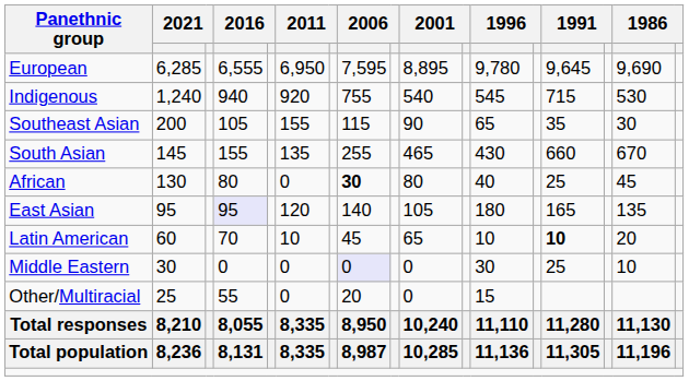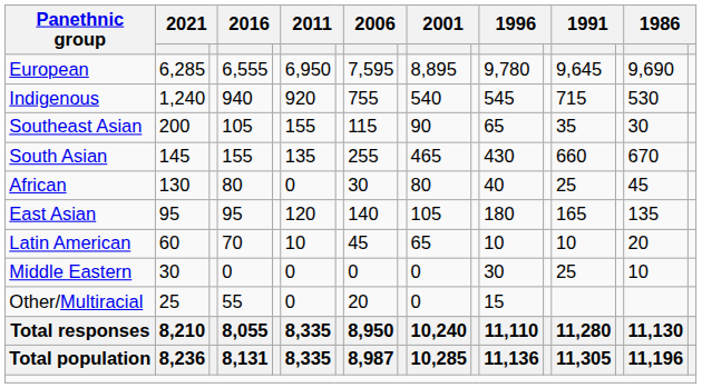 <table class="wikitable collapsible sortable">
 <tr>
 <th rowspan="2"><a href='#'>Panethnic</a><br>group</th>
 <th colspan="2">2021</th>
 <th colspan="2">2016</th>
 <th colspan="2">2011</th>
 <th colspan="2">2006</th>
 <th colspan="2">2001</th>
 <th colspan="2">1996</th>
 <th colspan="2">1991</th>
 <th colspan="2">1986</th>
 </tr>
 <tr>
 <th><a href='#'></a></th>
 <th></th>
 <th></th>
 <th></th>
 <th></th>
 <th></th>
 <th></th>
 <th></th>
 <th></th>
 <th></th>
 <th></th>
 <th></th>
 <th></th>
 <th></th>
 <th></th>
 <th></th>
 </tr>
 <tr>
 <td><a href='#'>European</a></td>
 <td>6,285</td>
 <td></td>
 <td>6,555</td>
 <td></td>
 <td>6,950</td>
 <td></td>
 <td>7,595</td>
 <td></td>
 <td>8,895</td>
 <td></td>
 <td>9,780</td>
 <td></td>
 <td>9,645</td>
 <td></td>
 <td>9,690</td>
 <td></td>
 </tr>
 <tr>
 <td><a href='#'>Indigenous</a></td>
 <td>1,240</td>
 <td></td>
 <td>940</td>
 <td></td>
 <td>920</td>
 <td></td>
 <td>755</td>
 <td></td>
 <td>540</td>
 <td></td>
 <td>545</td>
 <td></td>
 <td>715</td>
 <td></td>
 <td>530</td>
 <td></td>
 </tr>
 <tr>
 <td><a href='#'>Southeast Asian</a></td>
 <td>200</td>
 <td></td>
 <td>105</td>
 <td></td>
 <td>155</td>
 <td></td>
 <td>115</td>
 <td></td>
 <td>90</td>
 <td></td>
 <td>65</td>
 <td></td>
 <td>35</td>
 <td></td>
 <td>30</td>
 <td></td>
 </tr>
 <tr>
 <td><a href='#'>South Asian</a></td>
 <td>145</td>
 <td></td>
 <td>155</td>
 <td></td>
 <td>135</td>
 <td></td>
 <td>255</td>
 <td></td>
 <td>465</td>
 <td></td>
 <td>430</td>
 <td></td>
 <td>660</td>
 <td></td>
 <td>670</td>
 <td></td>
 </tr>
 <tr>
 <td><a href='#'>African</a></td>
 <td>130</td>
 <td></td>
 <td>80</td>
 <td></td>
 <td>0</td>
 <td></td>
-<td><strong>30</strong></td>
+<td>30</td>
 <td></td>
 <td>80</td>
 <td></td>
 <td>40</td>
 <td></td>
 <td>25</td>
 <td></td>
 <td>45</td>
 <td></td>
 </tr>
 <tr>
 <td><a href='#'>East Asian</a></td>
 <td>95</td>
 <td></td>
-<td style="background: lavender;">95</td>
+<td>95</td>
 <td></td>
 <td>120</td>
 <td></td>
 <td>140</td>
 <td></td>
 <td>105</td>
 <td></td>
 <td>180</td>
 <td></td>
 <td>165</td>
 <td></td>
 <td>135</td>
 <td></td>
 </tr>
 <tr>
 <td><a href='#'>Latin American</a></td>
 <td>60</td>
 <td></td>
 <td>70</td>
 <td></td>
 <td>10</td>
 <td></td>
 <td>45</td>
 <td></td>
 <td>65</td>
 <td></td>
 <td>10</td>
 <td></td>
-<td><strong>10</strong></td>
+<td>10</td>
 <td></td>
 <td>20</td>
 <td></td>
 </tr>
 <tr>
 <td><a href='#'>Middle Eastern</a></td>
 <td>30</td>
 <td></td>
 <td>0</td>
 <td></td>
 <td>0</td>
 <td></td>
-<td style="background: lavender;">0</td>
+<td>0</td>
 <td></td>
 <td>0</td>
 <td></td>
 <td>30</td>
 <td></td>
 <td>25</td>
 <td></td>
 <td>10</td>
 <td></td>
 </tr>
 <tr>
 <td>Other/<a href='#'>Multiracial</a></td>
 <td>25</td>
 <td></td>
 <td>55</td>
 <td></td>
 <td>0</td>
 <td></td>
 <td>20</td>
 <td></td>
 <td>0</td>
 <td></td>
 <td>15</td>
 <td></td>
 <td></td>
 <td></td>
 <td></td>
 <td></td>
 </tr>
 <tr>
 <th>Total responses</th>
 <th>8,210</th>
 <th></th>
 <th>8,055</th>
 <th></th>
 <th>8,335</th>
 <th></th>
 <th>8,950</th>
 <th></th>
 <th>10,240</th>
 <th></th>
 <th>11,110</th>
 <th></th>
 <th>11,280</th>
 <th></th>
 <th>11,130</th>
 <th></th>
 </tr>
 <tr>
 <th>Total population</th>
 <th>8,236</th>
 <th></th>
 <th>8,131</th>
 <th></th>
 <th>8,335</th>
 <th></th>
 <th>8,987</th>
 <th></th>
 <th>10,285</th>
 <th></th>
 <th>11,136</th>
 <th></th>
 <th>11,305</th>
 <th></th>
 <th>11,196</th>
 <th></th>
 </tr>
 <tr class="sortbottom">
 <td colspan="20"></td>
 </tr>
 </table>
